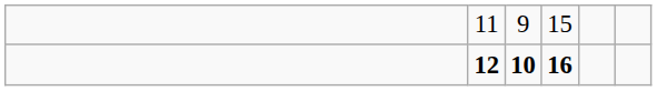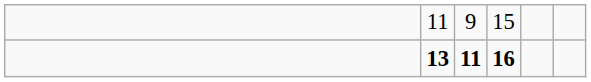 <table class="wikitable">
 <tr>
 <td style="width:18em"></td>
 <td align=center style="width:1em">11</td>
 <td align=center style="width:1em">9</td>
 <td align=center style="width:1em">15</td>
 <td align=center style="width:1em"></td>
 <td align=center style="width:1em"></td>
 </tr>
 <tr>
 <td style="width:18em"></td>
-<td align=center style="width:1em"><strong>12</strong></td>
-<td align=center style="width:1em"><strong>10</strong></td>
+<td align=center style="width:1em"><strong>13</strong></td>
+<td align=center style="width:1em"><strong>11</strong></td>
 <td align=center style="width:1em"><strong>16</strong></td>
 <td align=center style="width:1em"></td>
 <td align=center style="width:1em"></td>
 </tr>
 </table>
